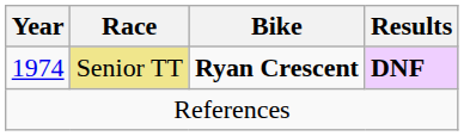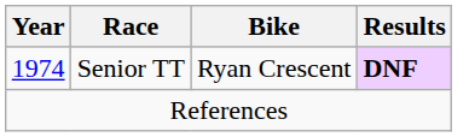 <table class="wikitable">
 <tr>
 <th>Year</th>
 <th>Race</th>
 <th>Bike</th>
 <th>Results</th>
 </tr>
 <tr>
 <td><a href='#'>1974</a></td>
-<td style="background: khaki;">Senior TT</td>
-<td><strong>Ryan Crescent</strong></td>
+<td>Senior TT</td>
+<td>Ryan Crescent</td>
 <td style="background:#EFCFFF;"><strong>DNF</strong></td>
 </tr>
 <tr>
 <td colspan=4 align="center">References</td>
 </tr>
 </table>
